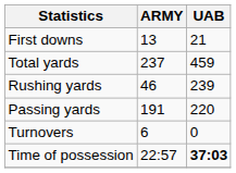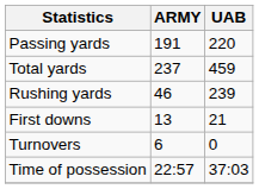 <table class="wikitable">
 <tr>
 <th>Statistics</th>
 <th>ARMY</th>
 <th>UAB</th>
 </tr>
 <tr>
-<td>First downs</td>
-<td>13</td>
-<td>21</td>
+<td>Passing yards</td>
+<td>191</td>
+<td>220</td>
 </tr>
 <tr>
 <td>Total yards</td>
 <td>237</td>
 <td>459</td>
 </tr>
 <tr>
 <td>Rushing yards</td>
 <td>46</td>
 <td>239</td>
 </tr>
 <tr>
-<td>Passing yards</td>
-<td>191</td>
-<td>220</td>
+<td>First downs</td>
+<td>13</td>
+<td>21</td>
 </tr>
 <tr>
 <td>Turnovers</td>
 <td>6</td>
 <td>0</td>
 </tr>
 <tr>
 <td>Time of possession</td>
 <td>22:57</td>
-<td><strong>37:03</strong></td>
+<td>37:03</td>
 </tr>
 <tr>
 </tr>
 </table>
